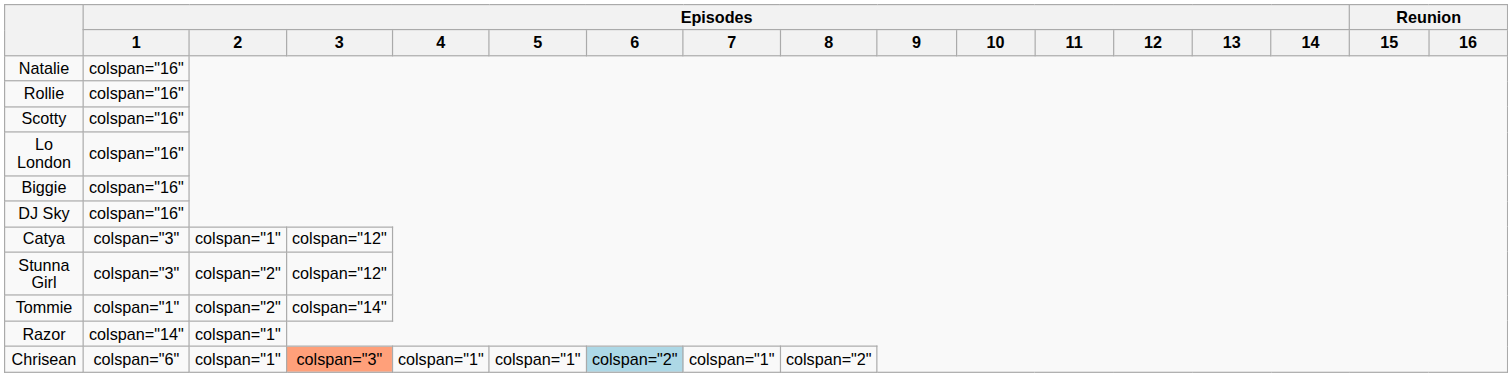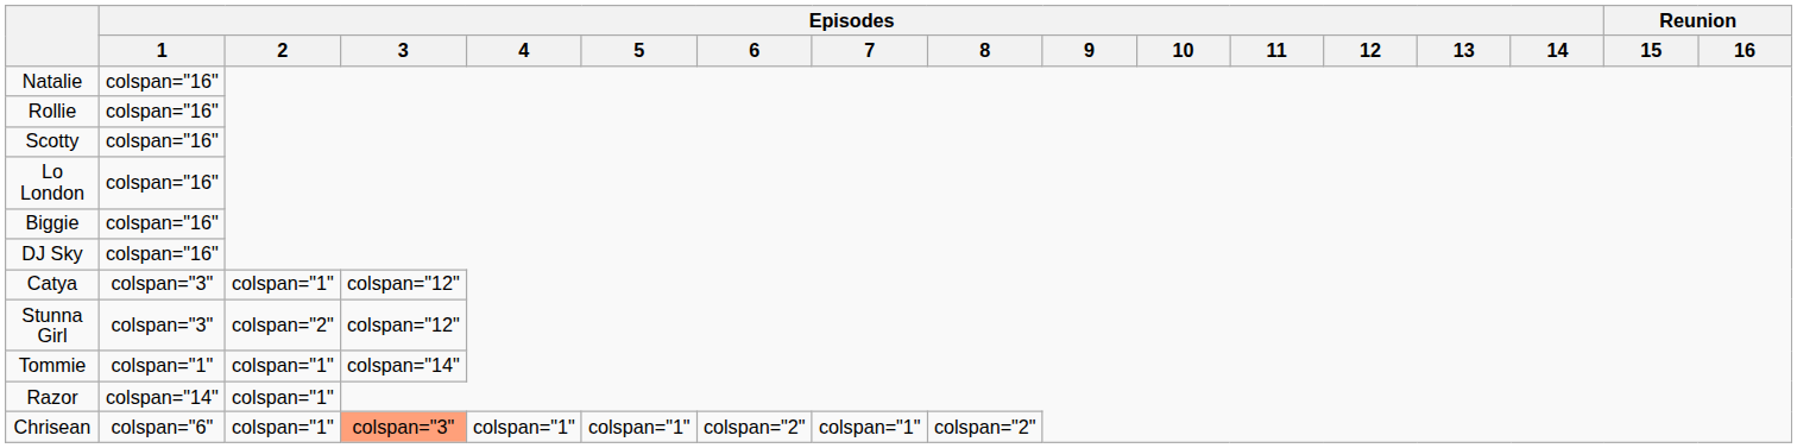 <table class="wikitable plainrowheaders" style="text-align:center; font-size:85%; width:100%">
 <tr>
 <th scope="col" rowspan="2" style="width:5%;"></th>
 <th scope="col" colspan="14">Episodes</th>
 <th scope="col" colspan="3">Reunion</th>
 </tr>
 <tr>
 <th style="width:5%;">1</th>
 <th style="width:5%;">2</th>
 <th style="width:5%;">3</th>
 <th style="width:5%;">4</th>
 <th style="width:5%;">5</th>
 <th style="width:5%;">6</th>
 <th style="width:5%;">7</th>
 <th style="width:5%;">8</th>
 <th style="width:5%;">9</th>
 <th style="width:5%;">10</th>
 <th style="width:5%;">11</th>
 <th style="width:5%;">12</th>
 <th style="width:5%;">13</th>
 <th style="width:5%;">14</th>
 <th style="width:5%;">15</th>
 <th style="width:5%;">16</th>
 </tr>
 <tr>
 <td scope="row">Natalie</td>
 <td>colspan="16" </td>
 </tr>
 <tr>
 <td scope="row">Rollie</td>
 <td>colspan="16" </td>
 </tr>
 <tr>
 <td scope="row">Scotty</td>
 <td>colspan="16" </td>
 </tr>
 <tr>
 <td scope="row">Lo London</td>
 <td>colspan="16" </td>
 </tr>
 <tr>
 <td scope="row">Biggie</td>
 <td>colspan="16" </td>
 </tr>
 <tr>
 <td scope="row">DJ Sky</td>
 <td>colspan="16" </td>
 </tr>
 <tr>
 <td scope="row">Catya</td>
 <td>colspan="3" </td>
 <td>colspan="1" </td>
 <td>colspan="12" </td>
 </tr>
 <tr>
 <td scope="row">Stunna Girl</td>
 <td>colspan="3" </td>
 <td>colspan="2" </td>
 <td>colspan="12" </td>
 </tr>
 <tr>
 <td scope="row">Tommie</td>
 <td>colspan="1" </td>
-<td>colspan="2" </td>
+<td>colspan="1" </td>
 <td>colspan="14" </td>
 </tr>
 <tr>
 <td scope="row">Razor</td>
 <td>colspan="14" </td>
 <td>colspan="1" </td>
 </tr>
 <tr>
 <td scope="row">Chrisean</td>
 <td>colspan="6" </td>
 <td>colspan="1" </td>
 <td style="background: lightsalmon;">colspan="3" </td>
 <td>colspan="1" </td>
 <td>colspan="1" </td>
-<td style="background: lightblue;">colspan="2" </td>
+<td>colspan="2" </td>
 <td>colspan="1" </td>
 <td>colspan="2" </td>
 </tr>
 </table>
